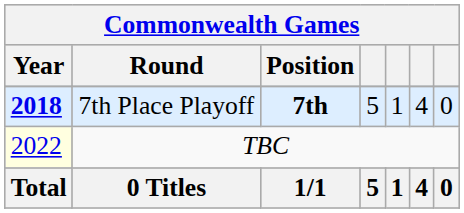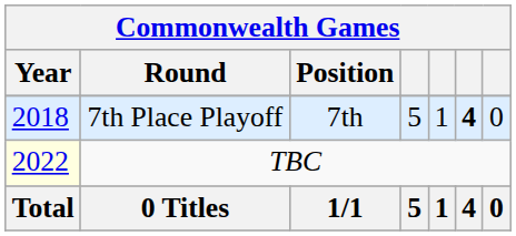 <table class="wikitable" style="text-align: center;">
 <tr>
 <th colspan="10"><a href='#'>Commonwealth Games</a></th>
 </tr>
 <tr>
 <th>Year</th>
 <th>Round</th>
 <th>Position</th>
 <th></th>
 <th></th>
 <th></th>
 <th></th>
 </tr>
 <tr>
 </tr>
 <tr bgcolor="#ddeeff">
-<td align=left><strong> <a href='#'>2018</a></strong></td>
+<td align=left> <a href='#'>2018</a></td>
 <td>7th Place Playoff</td>
-<td><strong>7th</strong></td>
+<td>7th</td>
 <td>5</td>
 <td>1</td>
-<td>4</td>
+<td><strong>4</strong></td>
 <td>0</td>
 </tr>
 <tr>
 <td align=left style="background: lightyellow;"> <a href='#'>2022</a></td>
 <td colspan="6"><em>TBC</em></td>
 </tr>
 <tr>
 <th>Total</th>
 <th>0 Titles</th>
 <th>1/1</th>
 <th>5</th>
 <th>1</th>
 <th>4</th>
 <th>0</th>
 </tr>
 </table>
